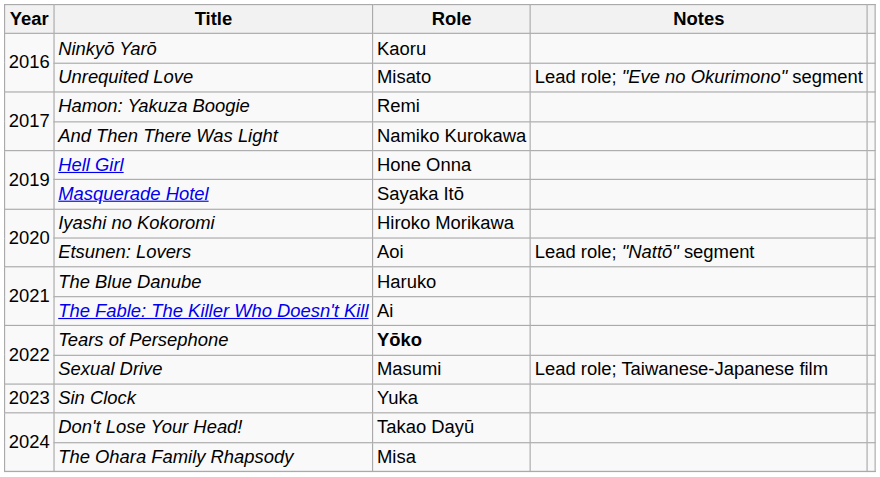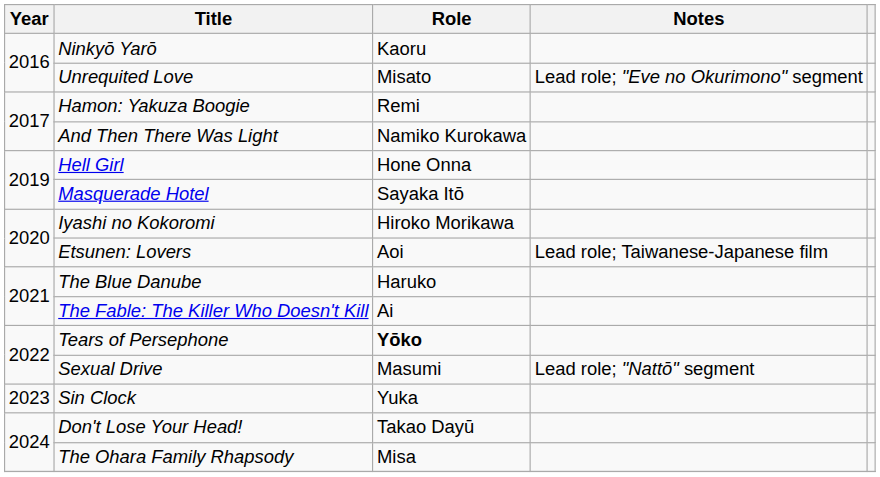 <table class="wikitable">
 <tr>
 <th>Year</th>
 <th>Title</th>
 <th>Role</th>
 <th>Notes</th>
 <th></th>
 </tr>
 <tr>
 <td rowspan="2">2016</td>
 <td><em>Ninkyō Yarō</em></td>
 <td>Kaoru</td>
 <td></td>
 <td></td>
 </tr>
 <tr>
 <td><em>Unrequited Love</em></td>
 <td>Misato</td>
 <td>Lead role; <em>"Eve no Okurimono"</em> segment</td>
 <td></td>
 </tr>
 <tr>
 <td rowspan="2">2017</td>
 <td><em>Hamon: Yakuza Boogie</em></td>
 <td>Remi</td>
 <td></td>
 <td></td>
 </tr>
 <tr>
 <td><em>And Then There Was Light</em></td>
 <td>Namiko Kurokawa</td>
 <td></td>
 <td></td>
 </tr>
 <tr>
 <td rowspan="2">2019</td>
 <td><em><a href='#'>Hell Girl</a></em></td>
 <td>Hone Onna</td>
 <td></td>
 <td></td>
 </tr>
 <tr>
 <td><em><a href='#'>Masquerade Hotel</a></em></td>
 <td>Sayaka Itō</td>
 <td></td>
 <td></td>
 </tr>
 <tr>
 <td rowspan=2>2020</td>
 <td><em>Iyashi no Kokoromi</em></td>
 <td>Hiroko Morikawa</td>
 <td></td>
 <td></td>
 </tr>
 <tr>
 <td><em>Etsunen: Lovers</em></td>
 <td>Aoi</td>
-<td>Lead role; <em>"Nattō"</em> segment</td>
+<td>Lead role; Taiwanese-Japanese film</td>
 <td></td>
 </tr>
 <tr>
 <td rowspan=2>2021</td>
 <td><em>The Blue Danube</em></td>
 <td>Haruko</td>
 <td></td>
 <td></td>
 </tr>
 <tr>
 <td><em><a href='#'>The Fable: The Killer Who Doesn't Kill</a></em></td>
 <td>Ai</td>
 <td></td>
 <td></td>
 </tr>
 <tr>
 <td rowspan=2>2022</td>
 <td><em>Tears of Persephone</em></td>
 <td><strong>Yōko</strong></td>
 <td></td>
 <td></td>
 </tr>
 <tr>
 <td><em>Sexual Drive</em></td>
 <td>Masumi</td>
-<td>Lead role; Taiwanese-Japanese film</td>
+<td>Lead role; <em>"Nattō"</em> segment</td>
 <td></td>
 </tr>
 <tr>
 <td>2023</td>
 <td><em>Sin Clock</em></td>
 <td>Yuka</td>
 <td></td>
 <td></td>
 </tr>
 <tr>
 <td rowspan=2>2024</td>
 <td><em>Don't Lose Your Head!</em></td>
 <td>Takao Dayū</td>
 <td></td>
 <td></td>
 </tr>
 <tr>
 <td><em>The Ohara Family Rhapsody</em></td>
 <td>Misa</td>
 <td></td>
 <td></td>
 </tr>
 <tr>
 </tr>
 </table>
